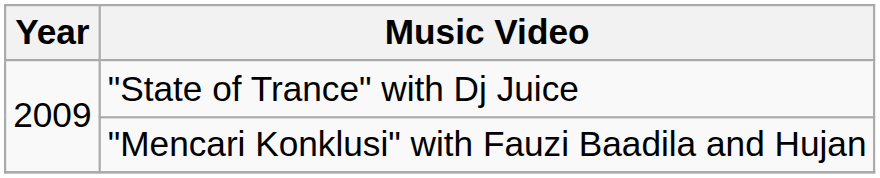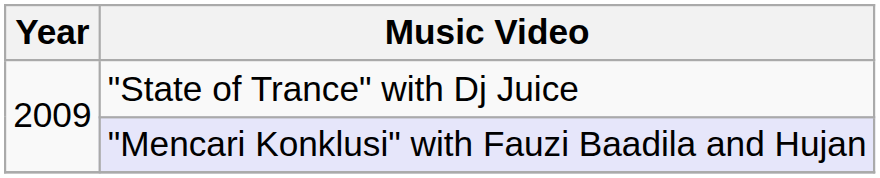 <table class="wikitable">
 <tr>
 <th>Year</th>
 <th>Music Video</th>
 </tr>
 <tr>
 <td rowspan=2>2009</td>
 <td>"State of Trance" with Dj Juice</td>
 </tr>
 <tr>
-<td>"Mencari Konklusi" with Fauzi Baadila and Hujan</td>
+<td style="background: lavender;">"Mencari Konklusi" with Fauzi Baadila and Hujan</td>
 </tr>
 <tr>
 </tr>
 </table>
